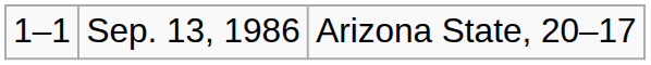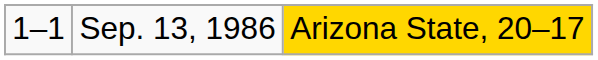 <table class="wikitable">
 <tr align="center">
 </tr>
 <tr align="center">
 <td>1–1</td>
 <td>Sep. 13, 1986</td>
-<td>Arizona State, 20–17</td>
+<td style="background: gold;">Arizona State, 20–17</td>
 </tr>
 </table>
